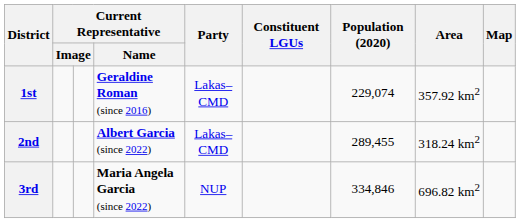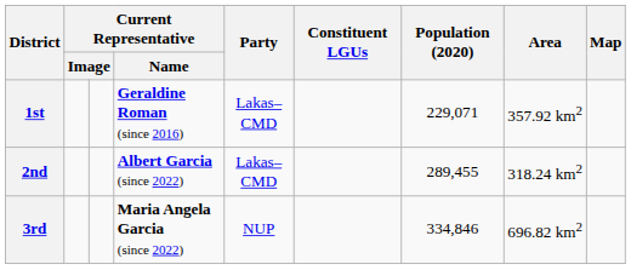 <table class="wikitable sortable" style="margin: 1em auto; font-size:100%; line-height:20px; text-align:center">
 <tr>
 <th rowspan="2">District</th>
 <th colspan="3">Current Representative</th>
 <th rowspan="2">Party</th>
 <th rowspan="2">Constituent <a href='#'>LGUs</a></th>
 <th rowspan="2">Population (2020)</th>
 <th rowspan="2">Area</th>
 <th rowspan="2">Map</th>
 </tr>
 <tr>
 <th colspan="2">Image</th>
 <th>Name</th>
 </tr>
 <tr>
 <th><a href='#'>1st</a></th>
 <td style="background:"></td>
 <td></td>
 <td style="text-align:left;"><strong><a href='#'>Geraldine Roman</a></strong><br><small>(since <a href='#'>2016</a>)</small></td>
 <td><a href='#'>Lakas–CMD</a></td>
 <td></td>
-<td>229,074</td>
+<td>229,071</td>
 <td>357.92 km<sup>2</sup></td>
 <td></td>
 </tr>
 <tr>
 <th><a href='#'>2nd</a></th>
 <td style="background:"></td>
 <td></td>
 <td style="text-align:left;"><strong><a href='#'>Albert Garcia</a></strong><br><small>(since <a href='#'>2022</a>)</small></td>
 <td><a href='#'>Lakas–CMD</a></td>
 <td></td>
 <td>289,455</td>
 <td>318.24 km<sup>2</sup></td>
 <td></td>
 </tr>
 <tr>
 <th><a href='#'>3rd</a></th>
 <td style="background:"></td>
 <td></td>
 <td style="text-align:left;"><strong>Maria Angela Garcia</strong><br><small>(since <a href='#'>2022</a>)</small></td>
 <td><a href='#'>NUP</a></td>
 <td></td>
 <td>334,846</td>
 <td>696.82 km<sup>2</sup></td>
 <td></td>
 </tr>
 </table>
